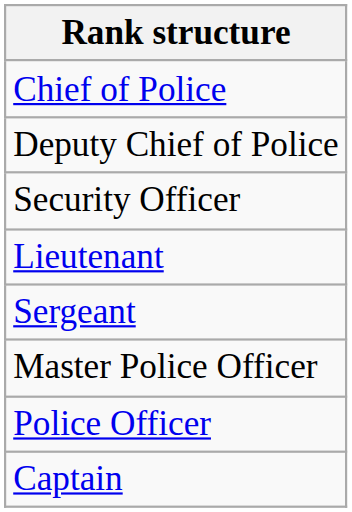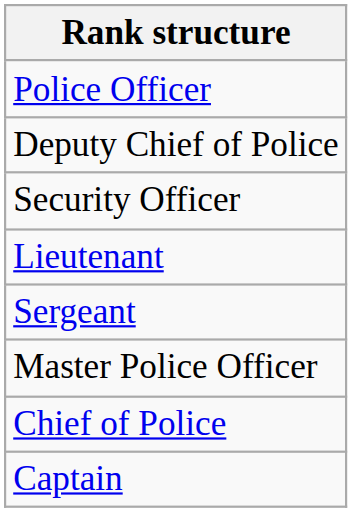 <table class="wikitable" style="right;">
 <tr>
 <th>Rank structure</th>
 </tr>
 <tr>
-<td><a href='#'>Chief of Police</a></td>
+<td><a href='#'>Police Officer</a></td>
 </tr>
 <tr>
 <td>Deputy Chief of Police</td>
 </tr>
 <tr>
 <td>Security Officer</td>
 </tr>
 <tr>
 <td><a href='#'>Lieutenant</a></td>
 </tr>
 <tr>
 <td><a href='#'>Sergeant</a></td>
 </tr>
 <tr>
 <td>Master Police Officer</td>
 </tr>
 <tr>
-<td><a href='#'>Police Officer</a></td>
+<td><a href='#'>Chief of Police</a></td>
 </tr>
 <tr>
 <td><a href='#'>Captain</a></td>
 </tr>
 </table>
